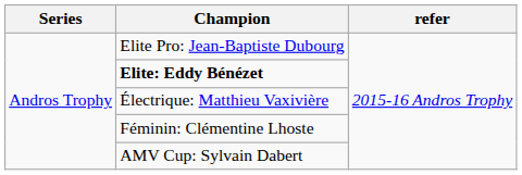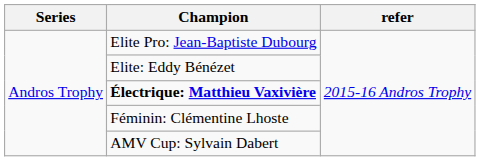 <table class="wikitable" style="font-size:87%">
 <tr>
 <th>Series</th>
 <th>Champion</th>
 <th>refer</th>
 </tr>
 <tr>
 <td rowspan="5"><a href='#'>Andros Trophy</a></td>
 <td>Elite Pro:  <a href='#'>Jean-Baptiste Dubourg</a></td>
 <td rowspan="5"><em><a href='#'>2015-16 Andros Trophy</a></em></td>
 </tr>
 <tr>
-<td><strong>Elite:  Eddy Bénézet</strong></td>
+<td>Elite:  Eddy Bénézet</td>
 </tr>
 <tr>
-<td>Électrique:  <a href='#'>Matthieu Vaxivière</a></td>
+<td><strong>Électrique:  <a href='#'>Matthieu Vaxivière</a></strong></td>
 </tr>
 <tr>
 <td>Féminin:  Clémentine Lhoste</td>
 </tr>
 <tr>
 <td>AMV Cup:  Sylvain Dabert</td>
 </tr>
 </table>
